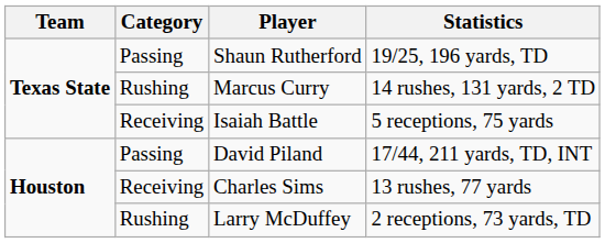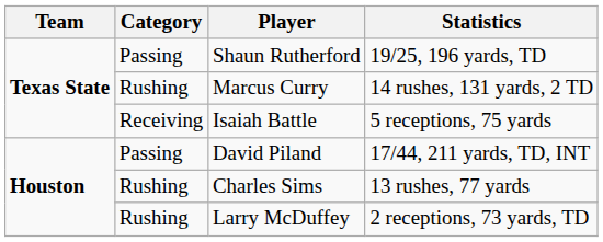 <table class="wikitable" style="float: left;">
 <tr>
 <th>Team</th>
 <th>Category</th>
 <th>Player</th>
 <th>Statistics</th>
 </tr>
 <tr>
 <td rowspan=3><strong>Texas State</strong></td>
 <td>Passing</td>
 <td>Shaun Rutherford</td>
 <td>19/25, 196 yards, TD</td>
 </tr>
 <tr>
 <td>Rushing</td>
 <td>Marcus Curry</td>
 <td>14 rushes, 131 yards, 2 TD</td>
 </tr>
 <tr>
 <td>Receiving</td>
 <td>Isaiah Battle</td>
 <td>5 receptions, 75 yards</td>
 </tr>
 <tr>
 <td rowspan=3><strong>Houston</strong></td>
 <td>Passing</td>
 <td>David Piland</td>
 <td>17/44, 211 yards, TD, INT</td>
 </tr>
 <tr>
-<td>Receiving</td>
+<td>Rushing</td>
 <td>Charles Sims</td>
 <td>13 rushes, 77 yards</td>
 </tr>
 <tr>
 <td>Rushing</td>
 <td>Larry McDuffey</td>
 <td>2 receptions, 73 yards, TD</td>
 </tr>
 </table>
